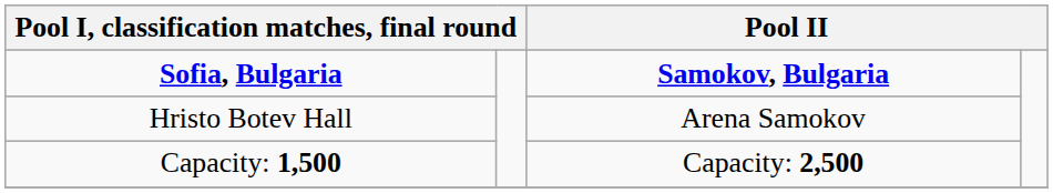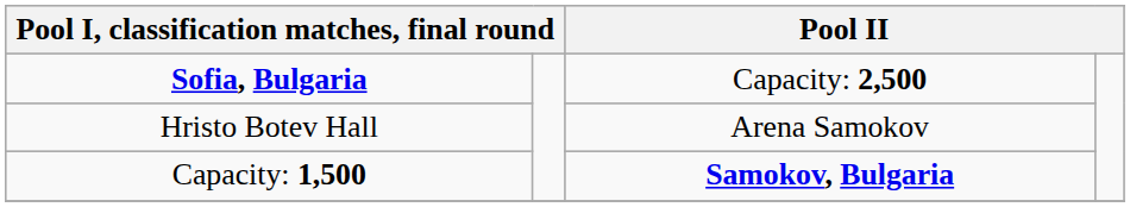 <table class="wikitable" style="text-align: center;">
 <tr>
 <th colspan="2" style="width: 50%;">Pool I, classification matches, final round</th>
 <th colspan="2" style="width: 50%;">Pool II</th>
 </tr>
 <tr>
 <td><strong> <a href='#'>Sofia</a>, <a href='#'>Bulgaria</a></strong></td>
 <td rowspan="3"></td>
-<td><strong> <a href='#'>Samokov</a>, <a href='#'>Bulgaria</a></strong></td>
+<td>Capacity: <strong>2,500</strong></td>
 <td rowspan="3"></td>
 </tr>
 <tr>
 <td>Hristo Botev Hall</td>
 <td>Arena Samokov</td>
 </tr>
 <tr>
 <td>Capacity: <strong>1,500</strong></td>
-<td>Capacity: <strong>2,500</strong></td>
+<td><strong> <a href='#'>Samokov</a>, <a href='#'>Bulgaria</a></strong></td>
 </tr>
 <tr>
 </tr>
 </table>
